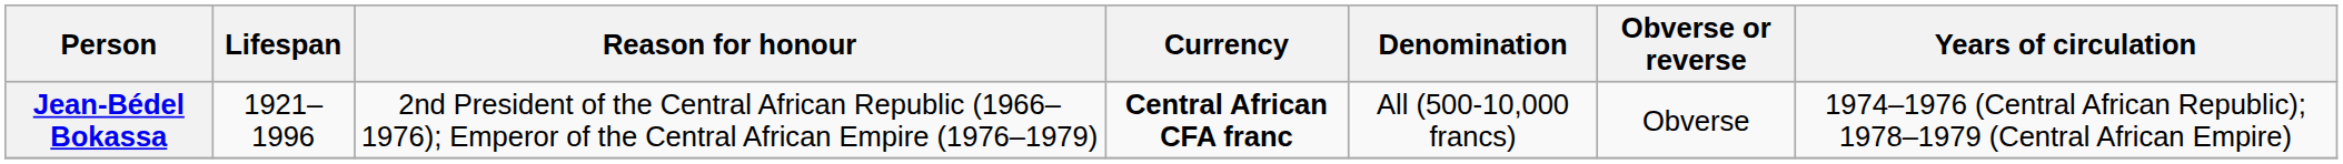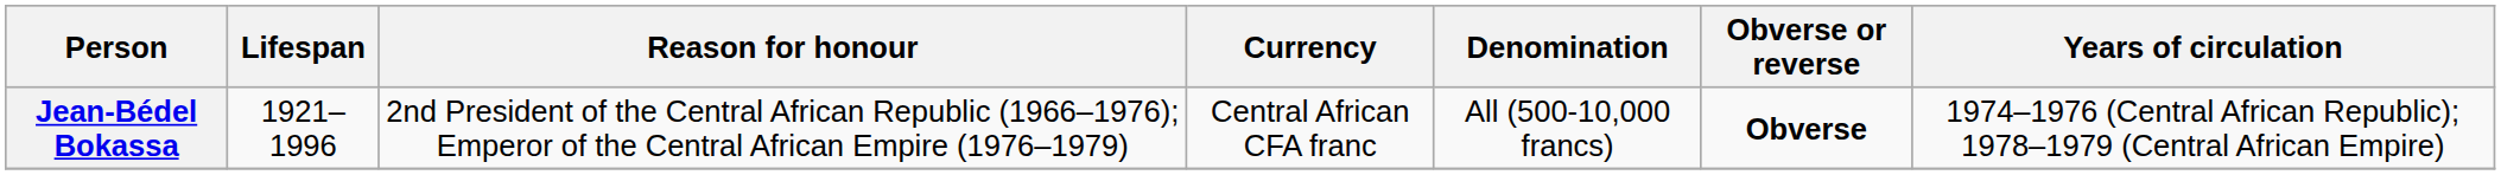 <table class="wikitable" style="font-size:95%; text-align:center;">
 <tr>
 <th>Person</th>
 <th>Lifespan</th>
 <th>Reason for honour</th>
 <th>Currency</th>
 <th>Denomination</th>
 <th>Obverse or reverse</th>
 <th>Years of circulation</th>
 </tr>
 <tr>
 <th><a href='#'>Jean-Bédel Bokassa</a></th>
 <td>1921–1996</td>
 <td>2nd President of the Central African Republic (1966–1976); Emperor of the Central African Empire (1976–1979)</td>
-<td><strong>Central African CFA franc</strong></td>
+<td>Central African CFA franc</td>
 <td>All (500-10,000 francs)</td>
-<td>Obverse</td>
+<td><strong>Obverse</strong></td>
 <td>1974–1976 (Central African Republic); 1978–1979 (Central African Empire)</td>
 </tr>
 <tr>
 </tr>
 </table>
